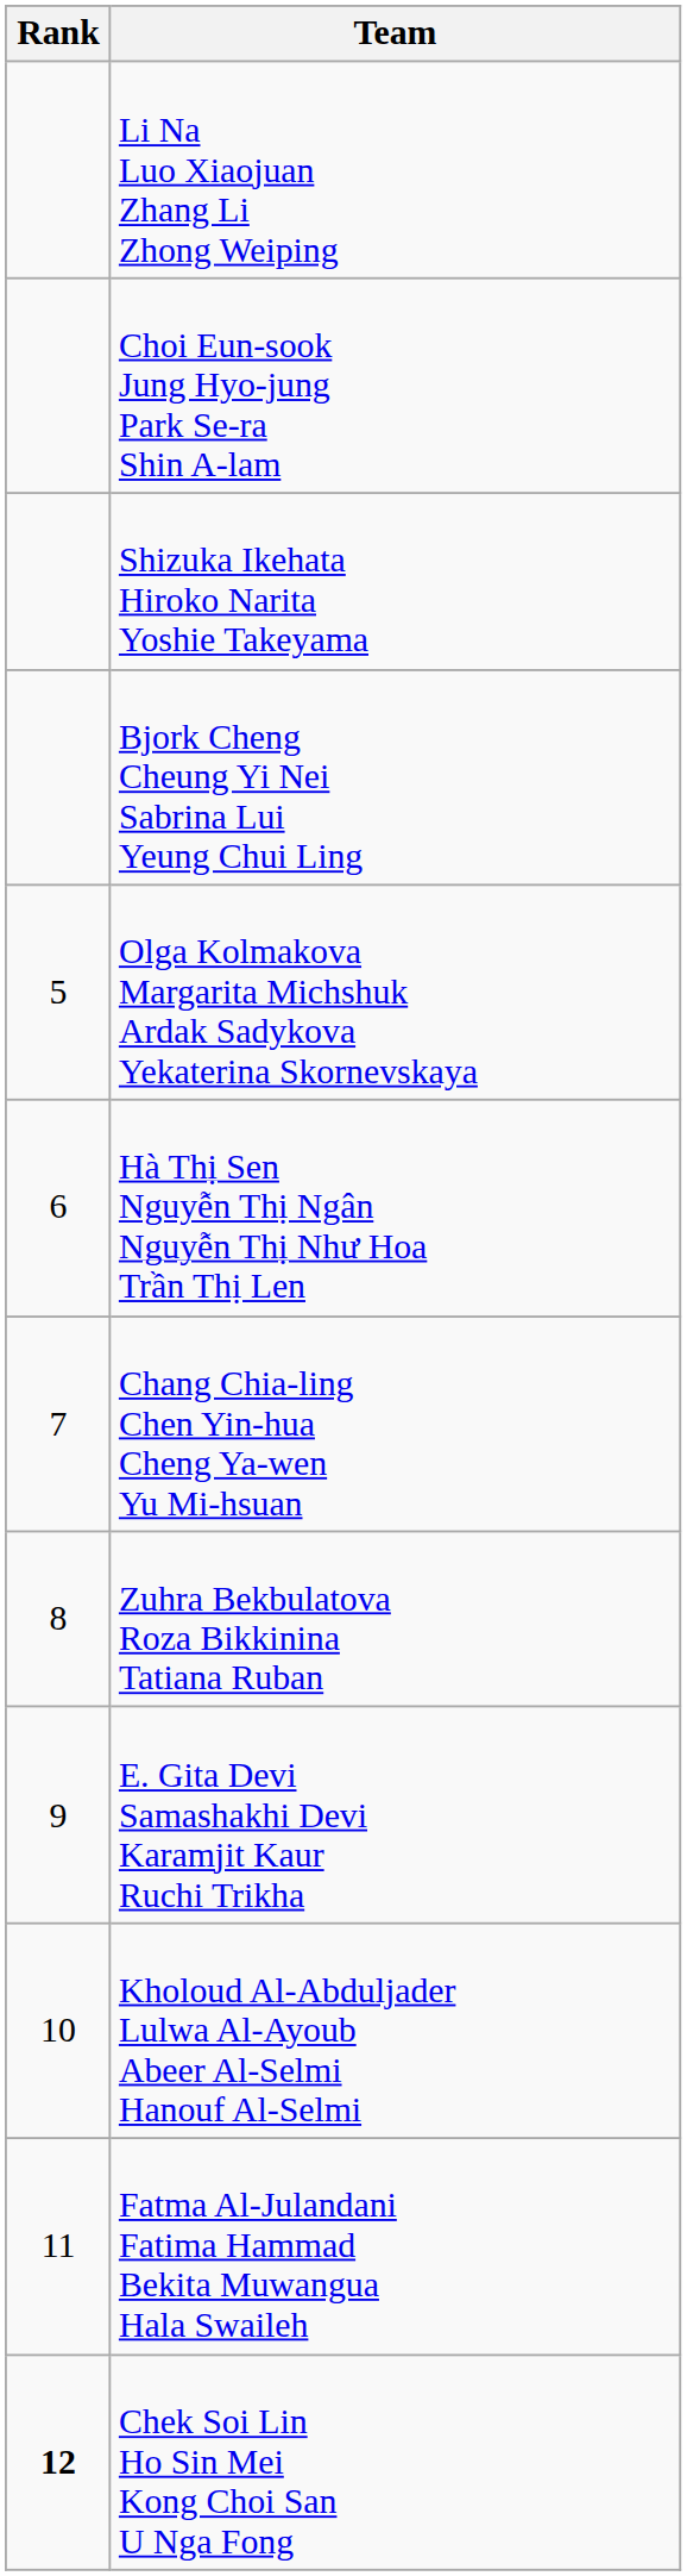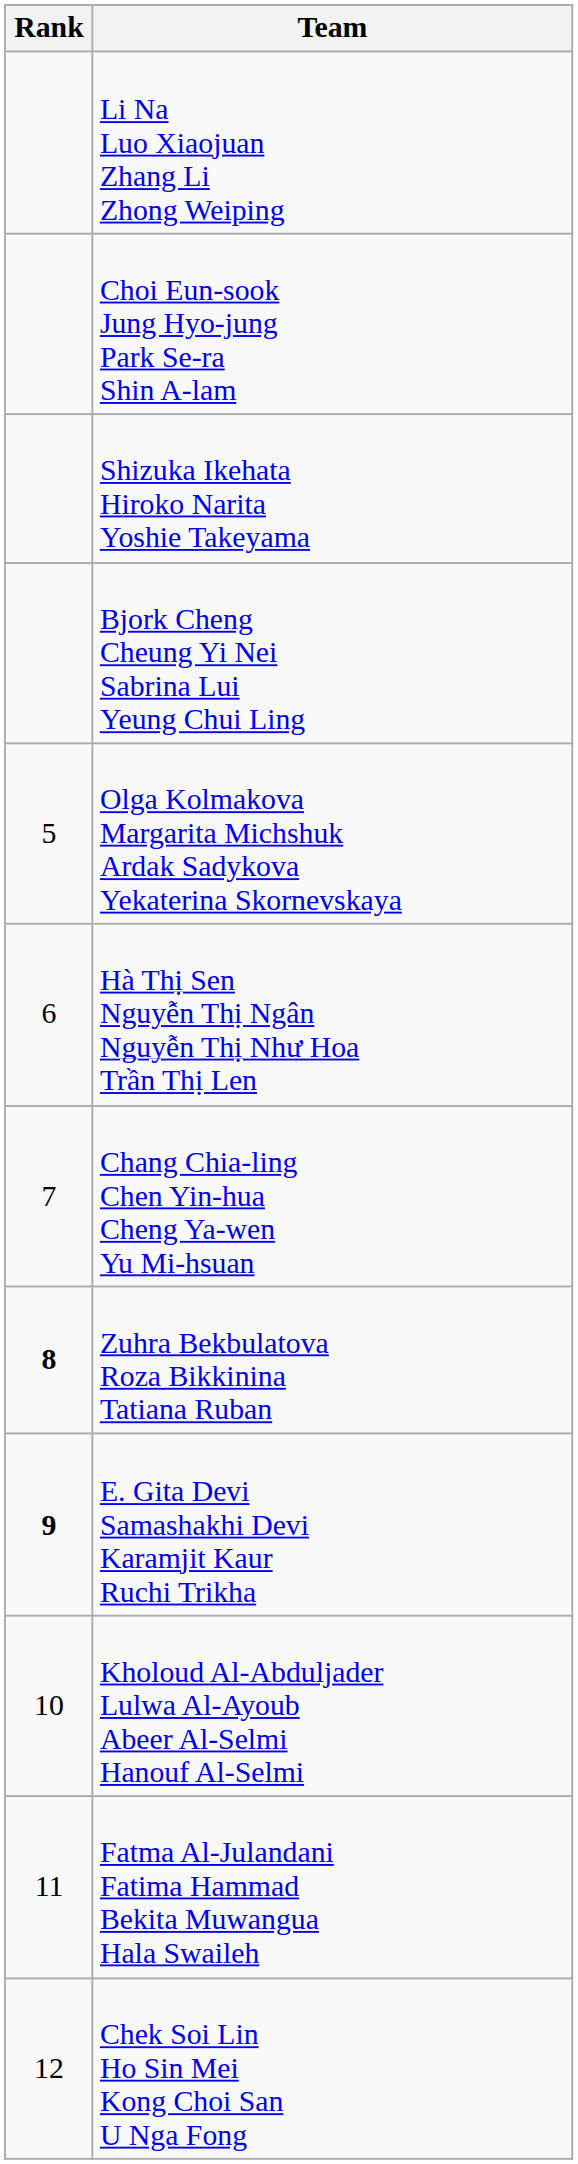 <table class="wikitable" style="text-align: center;">
 <tr>
 <th width=40>Rank</th>
 <th width=250>Team</th>
 </tr>
 <tr>
 <td></td>
 <td align=left><br><a href='#'>Li Na</a><br><a href='#'>Luo Xiaojuan</a><br><a href='#'>Zhang Li</a><br><a href='#'>Zhong Weiping</a></td>
 </tr>
 <tr>
 <td></td>
 <td align=left><br><a href='#'>Choi Eun-sook</a><br><a href='#'>Jung Hyo-jung</a><br><a href='#'>Park Se-ra</a><br><a href='#'>Shin A-lam</a></td>
 </tr>
 <tr>
 <td></td>
 <td align=left><br><a href='#'>Shizuka Ikehata</a><br><a href='#'>Hiroko Narita</a><br><a href='#'>Yoshie Takeyama</a></td>
 </tr>
 <tr>
 <td></td>
 <td align=left><br><a href='#'>Bjork Cheng</a><br><a href='#'>Cheung Yi Nei</a><br><a href='#'>Sabrina Lui</a><br><a href='#'>Yeung Chui Ling</a></td>
 </tr>
 <tr>
 <td>5</td>
 <td align=left><br><a href='#'>Olga Kolmakova</a><br><a href='#'>Margarita Michshuk</a><br><a href='#'>Ardak Sadykova</a><br><a href='#'>Yekaterina Skornevskaya</a></td>
 </tr>
 <tr>
 <td>6</td>
 <td align=left><br><a href='#'>Hà Thị Sen</a><br><a href='#'>Nguyễn Thị Ngân</a><br><a href='#'>Nguyễn Thị Như Hoa</a><br><a href='#'>Trần Thị Len</a></td>
 </tr>
 <tr>
 <td>7</td>
 <td align=left><br><a href='#'>Chang Chia-ling</a><br><a href='#'>Chen Yin-hua</a><br><a href='#'>Cheng Ya-wen</a><br><a href='#'>Yu Mi-hsuan</a></td>
 </tr>
 <tr>
-<td>8</td>
+<td><strong>8</strong></td>
 <td align=left><br><a href='#'>Zuhra Bekbulatova</a><br><a href='#'>Roza Bikkinina</a><br><a href='#'>Tatiana Ruban</a></td>
 </tr>
 <tr>
-<td>9</td>
+<td><strong>9</strong></td>
 <td align=left><br><a href='#'>E. Gita Devi</a><br><a href='#'>Samashakhi Devi</a><br><a href='#'>Karamjit Kaur</a><br><a href='#'>Ruchi Trikha</a></td>
 </tr>
 <tr>
 <td>10</td>
 <td align=left><br><a href='#'>Kholoud Al-Abduljader</a><br><a href='#'>Lulwa Al-Ayoub</a><br><a href='#'>Abeer Al-Selmi</a><br><a href='#'>Hanouf Al-Selmi</a></td>
 </tr>
 <tr>
 <td>11</td>
 <td align=left><br><a href='#'>Fatma Al-Julandani</a><br><a href='#'>Fatima Hammad</a><br><a href='#'>Bekita Muwangua</a><br><a href='#'>Hala Swaileh</a></td>
 </tr>
 <tr>
-<td><strong>12</strong></td>
+<td>12</td>
 <td align=left><br><a href='#'>Chek Soi Lin</a><br><a href='#'>Ho Sin Mei</a><br><a href='#'>Kong Choi San</a><br><a href='#'>U Nga Fong</a></td>
 </tr>
 </table>
